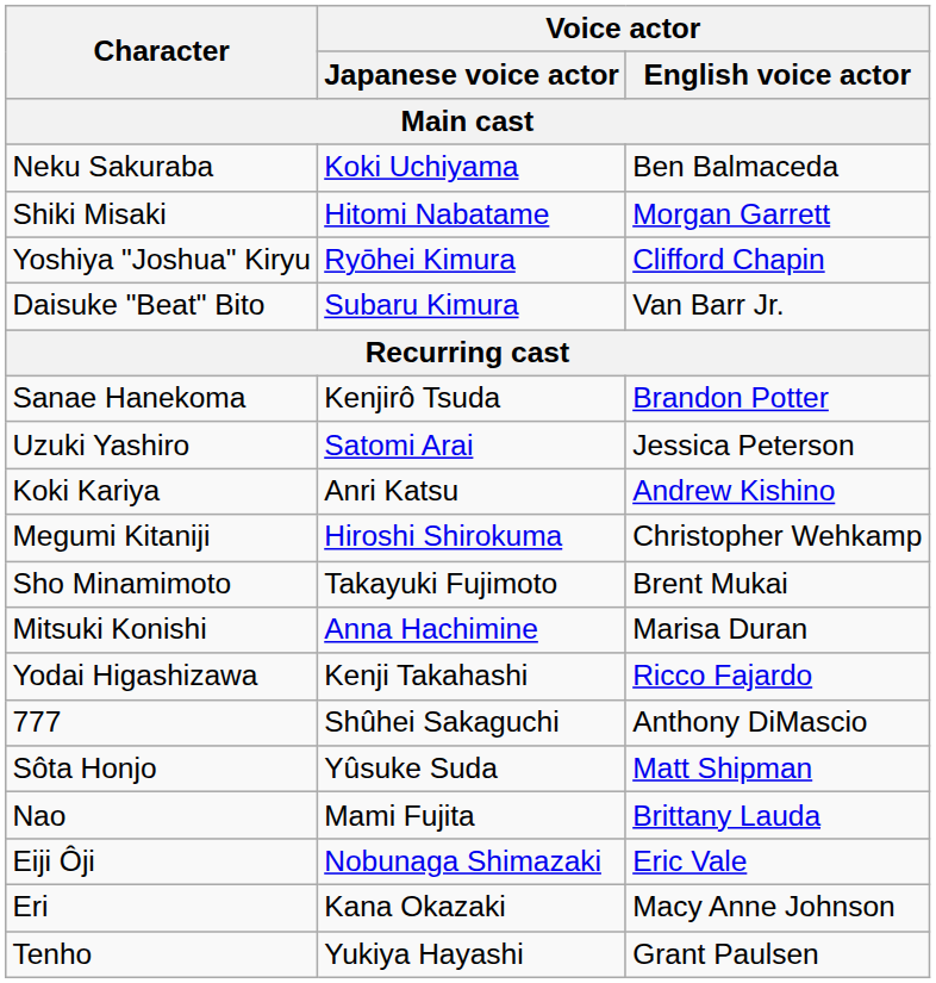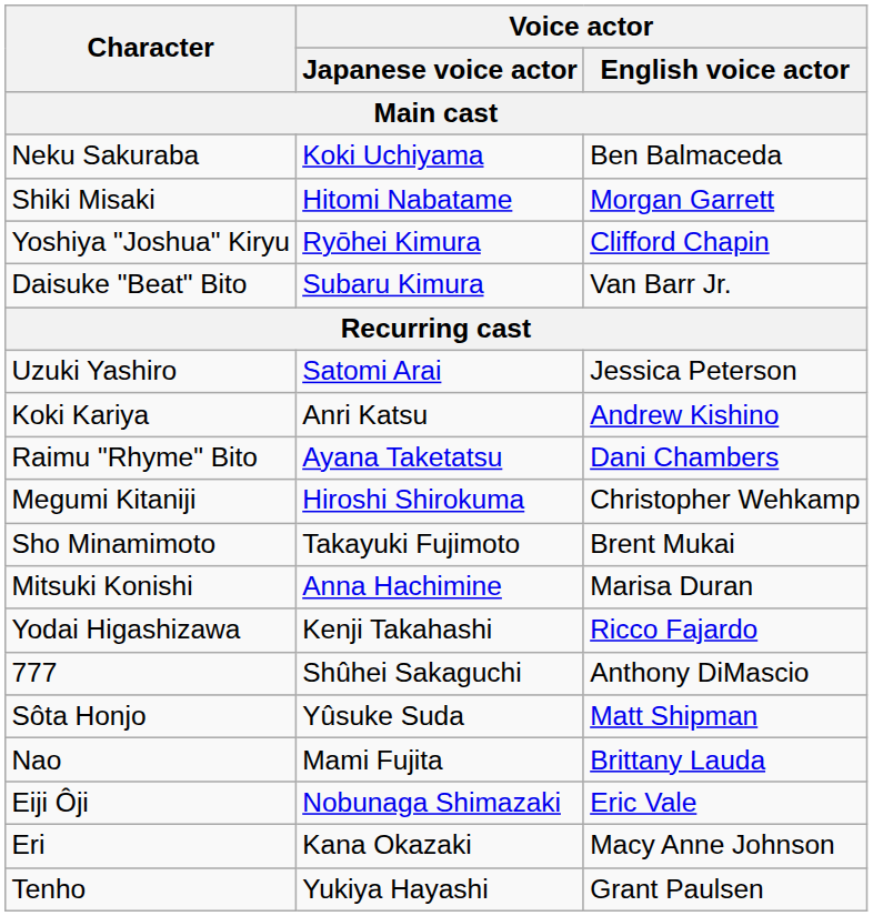 <table class="wikitable">
 <tr>
 <th rowspan=2>Character</th>
 <th colspan=2>Voice actor</th>
 </tr>
 <tr>
 <th>Japanese voice actor</th>
 <th>English voice actor</th>
 </tr>
 <tr>
 <th colspan=3>Main cast</th>
 </tr>
 <tr>
 <td>Neku Sakuraba</td>
 <td><a href='#'>Koki Uchiyama</a></td>
 <td>Ben Balmaceda</td>
 </tr>
 <tr>
 <td>Shiki Misaki</td>
 <td><a href='#'>Hitomi Nabatame</a></td>
 <td><a href='#'>Morgan Garrett</a></td>
 </tr>
 <tr>
 <td>Yoshiya "Joshua" Kiryu</td>
 <td><a href='#'>Ryōhei Kimura</a></td>
 <td><a href='#'>Clifford Chapin</a></td>
 </tr>
 <tr>
 <td>Daisuke "Beat" Bito</td>
 <td><a href='#'>Subaru Kimura</a></td>
 <td>Van Barr Jr.</td>
 </tr>
 <tr>
 <th colspan=3>Recurring cast</th>
 </tr>
 <tr>
-<td>Sanae Hanekoma</td>
-<td>Kenjirô Tsuda</td>
-<td><a href='#'>Brandon Potter</a></td>
-</tr>
-<tr>
 <td>Uzuki Yashiro</td>
 <td><a href='#'>Satomi Arai</a></td>
 <td>Jessica Peterson</td>
 </tr>
 <tr>
 <td>Koki Kariya</td>
 <td>Anri Katsu</td>
 <td><a href='#'>Andrew Kishino</a></td>
+</tr>
+<tr>
+<td>Raimu "Rhyme" Bito</td>
+<td><a href='#'>Ayana Taketatsu</a></td>
+<td><a href='#'>Dani Chambers</a></td>
 </tr>
 <tr>
 <td>Megumi Kitaniji</td>
 <td><a href='#'>Hiroshi Shirokuma</a></td>
 <td>Christopher Wehkamp</td>
 </tr>
 <tr>
 <td>Sho Minamimoto</td>
 <td>Takayuki Fujimoto</td>
 <td>Brent Mukai</td>
 </tr>
 <tr>
 <td>Mitsuki Konishi</td>
 <td><a href='#'>Anna Hachimine</a></td>
 <td>Marisa Duran</td>
 </tr>
 <tr>
 <td>Yodai Higashizawa</td>
 <td>Kenji Takahashi</td>
 <td><a href='#'>Ricco Fajardo</a></td>
 </tr>
 <tr>
 <td>777</td>
 <td>Shûhei Sakaguchi</td>
 <td>Anthony DiMascio</td>
 </tr>
 <tr>
 <td>Sôta Honjo</td>
 <td>Yûsuke Suda</td>
 <td><a href='#'>Matt Shipman</a></td>
 </tr>
 <tr>
 <td>Nao</td>
 <td>Mami Fujita</td>
 <td><a href='#'>Brittany Lauda</a></td>
 </tr>
 <tr>
 <td>Eiji Ôji</td>
 <td><a href='#'>Nobunaga Shimazaki</a></td>
 <td><a href='#'>Eric Vale</a></td>
 </tr>
 <tr>
 <td>Eri</td>
 <td>Kana Okazaki</td>
 <td>Macy Anne Johnson</td>
 </tr>
 <tr>
 <td>Tenho</td>
 <td>Yukiya Hayashi</td>
 <td>Grant Paulsen</td>
 </tr>
 </table>
